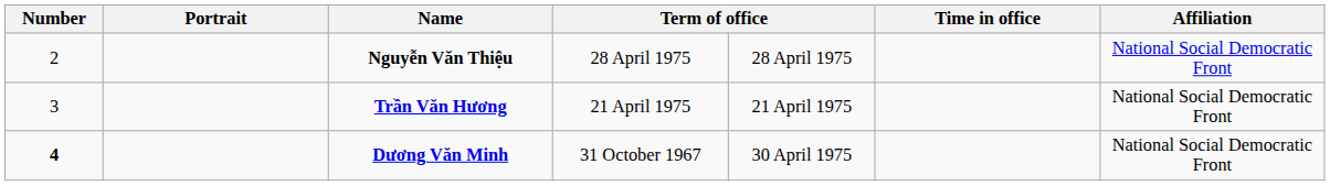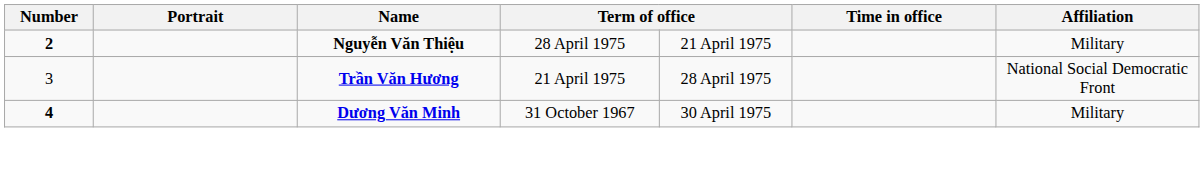 <table class="wikitable" width=74%>
 <tr>
 <th scope="col" style="width:5em;">Number</th>
 <th scope="col" style="width:12em;">Portrait</th>
 <th scope="col" style="width:12em;">Name<br></th>
 <th colspan="2" scope="col" style="width:12em;">Term of office</th>
 <th scope="col" style="width:12em;">Time in office</th>
 <th scope="col" style="width:12em;">Affiliation</th>
 </tr>
 <tr>
-<td align="center" style="background: ">2</td>
+<td align="center" style="background: "><strong>2</strong></td>
 <td align="center"></td>
 <td align="center" scope="row" style="font-weight:normal;"><strong>Nguyễn Văn Thiệu</strong><br></td>
 <td align="center">28 April 1975</td>
-<td align="center">28 April 1975</td>
+<td align="center">21 April 1975</td>
 <td align="center"></td>
-<td align="center"><a href='#'>National Social Democratic Front</a></td>
+<td align="center">Military</td>
 </tr>
 <tr>
 <td align="center" style="background: ">3</td>
 <td align="center"></td>
 <td align="center" scope="row" style="font-weight:normal;"><strong><a href='#'>Trần Văn Hương</a></strong><br></td>
 <td align="center">21 April 1975</td>
-<td align="center">21 April 1975</td>
+<td align="center">28 April 1975</td>
 <td align="center"></td>
 <td align="center">National Social Democratic Front</td>
 </tr>
 <tr>
 <td align="center" style="background: "><strong>4</strong></td>
 <td align="center"></td>
 <td align="center" scope="row" style="font-weight:normal;"><strong><a href='#'>Dương Văn Minh</a></strong><br></td>
 <td align="center">31 October 1967</td>
 <td align="center">30 April 1975</td>
 <td align="center"></td>
-<td align="center">National Social Democratic Front</td>
+<td align="center">Military</td>
 </tr>
 </table>
